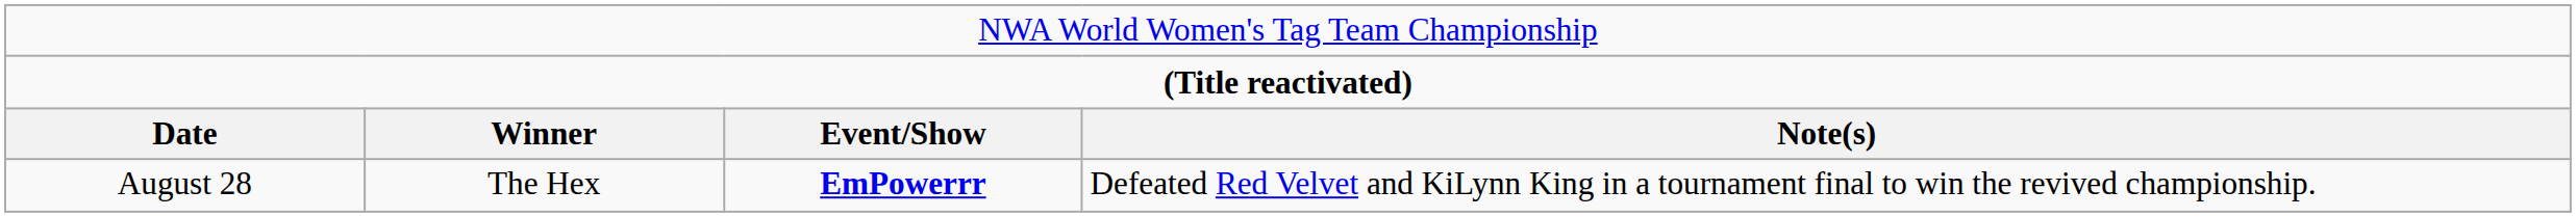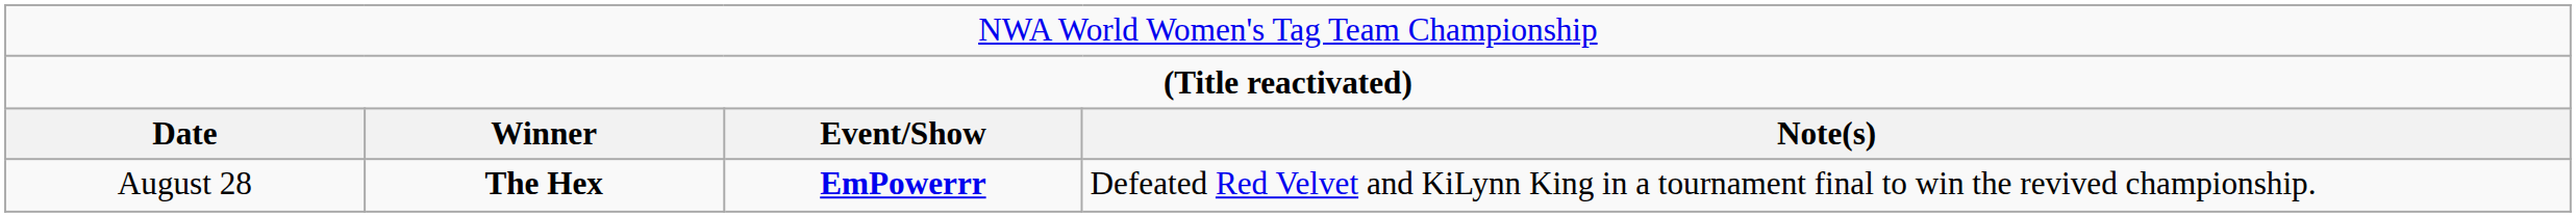 <table class="wikitable" style="text-align:center; width:100%;">
 <tr>
 <td colspan="4" style="text-align: center;"><a href='#'>NWA World Women's Tag Team Championship</a></td>
 </tr>
 <tr>
 <td colspan="4" style="text-align: center;"><strong>(Title reactivated)</strong></td>
 </tr>
 <tr>
 <th width=14%>Date</th>
 <th width=14%>Winner</th>
 <th width=14%>Event/Show</th>
 <th width=58%>Note(s)</th>
 </tr>
 <tr>
 <td>August 28</td>
-<td>The Hex<br></td>
+<td><strong>The Hex<br></strong></td>
 <td><strong><a href='#'>EmPowerrr</a></strong></td>
 <td align=left>Defeated <a href='#'>Red Velvet</a> and KiLynn King in a tournament final to win the revived championship.</td>
 </tr>
 </table>
